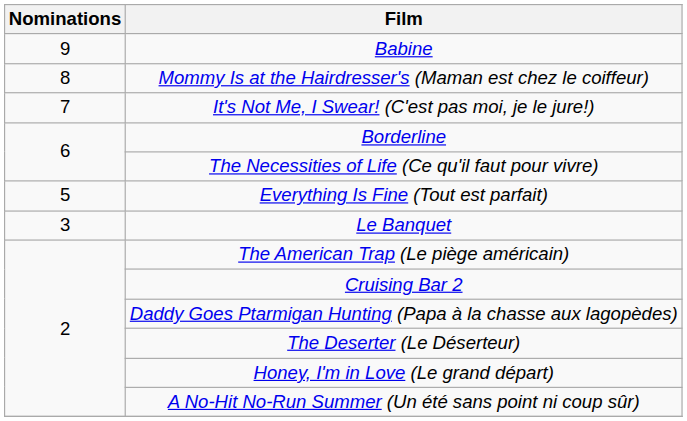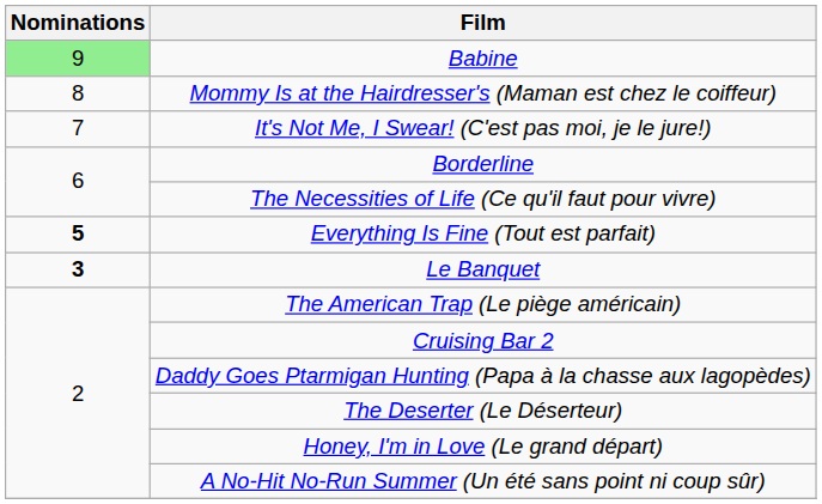 <table class="wikitable" style="text-align:center;">
 <tr>
 <th scope="col" width="17">Nominations</th>
 <th scope="col" align="center">Film</th>
 </tr>
 <tr>
-<td rowspan="1" style="text-align:center;">9</td>
+<td rowspan="1" style="background: lightgreen; text-align:center;">9</td>
 <td><em><a href='#'>Babine</a></em></td>
 </tr>
 <tr>
 <td rowspan="1" style="text-align:center;">8</td>
 <td><em><a href='#'>Mommy Is at the Hairdresser's</a> (Maman est chez le coiffeur)</em></td>
 </tr>
 <tr>
 <td rowspan="1" style="text-align:center;">7</td>
 <td><em><a href='#'>It's Not Me, I Swear!</a> (C'est pas moi, je le jure!)</em></td>
 </tr>
 <tr>
 <td rowspan="2" style="text-align:center;">6</td>
 <td><em><a href='#'>Borderline</a></em></td>
 </tr>
 <tr>
 <td><em><a href='#'>The Necessities of Life</a> (Ce qu'il faut pour vivre)</em></td>
 </tr>
 <tr>
-<td rowspan="1" style="text-align:center;">5</td>
+<td rowspan="1" style="text-align:center;"><strong>5</strong></td>
 <td><em><a href='#'>Everything Is Fine</a> (Tout est parfait)</em></td>
 </tr>
 <tr>
-<td rowspan="1" style="text-align:center;">3</td>
+<td rowspan="1" style="text-align:center;"><strong>3</strong></td>
 <td><em><a href='#'>Le Banquet</a></em></td>
 </tr>
 <tr>
 <td rowspan="6" style="text-align:center;">2</td>
 <td><em><a href='#'>The American Trap</a> (Le piège américain)</em></td>
 </tr>
 <tr>
 <td><em><a href='#'>Cruising Bar 2</a></em></td>
 </tr>
 <tr>
 <td><em><a href='#'>Daddy Goes Ptarmigan Hunting</a> (Papa à la chasse aux lagopèdes)</em></td>
 </tr>
 <tr>
 <td><em><a href='#'>The Deserter</a> (Le Déserteur)</em></td>
 </tr>
 <tr>
 <td><em><a href='#'>Honey, I'm in Love</a> (Le grand départ)</em></td>
 </tr>
 <tr>
 <td><em><a href='#'>A No-Hit No-Run Summer</a> (Un été sans point ni coup sûr)</em></td>
 </tr>
 <tr>
 </tr>
 </table>
